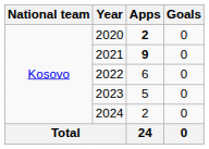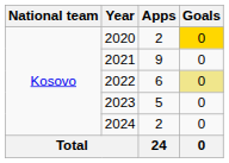 <table class="wikitable" style="text-align:center">
 <tr>
 <th>National team</th>
 <th>Year</th>
 <th>Apps</th>
 <th>Goals</th>
 </tr>
 <tr>
 <td rowspan="5"><a href='#'>Kosovo</a></td>
 <td>2020</td>
-<td><strong>2</strong></td>
-<td>0</td>
+<td>2</td>
+<td style="background: gold;">0</td>
 </tr>
 <tr>
 <td>2021</td>
-<td><strong>9</strong></td>
+<td>9</td>
 <td>0</td>
 </tr>
 <tr>
 <td>2022</td>
 <td>6</td>
-<td>0</td>
+<td style="background: khaki;">0</td>
 </tr>
 <tr>
 <td>2023</td>
 <td>5</td>
 <td>0</td>
 </tr>
 <tr>
 <td>2024</td>
 <td>2</td>
 <td>0</td>
 </tr>
 <tr>
 <th colspan="2">Total</th>
 <th>24</th>
 <th>0</th>
 </tr>
 </table>
